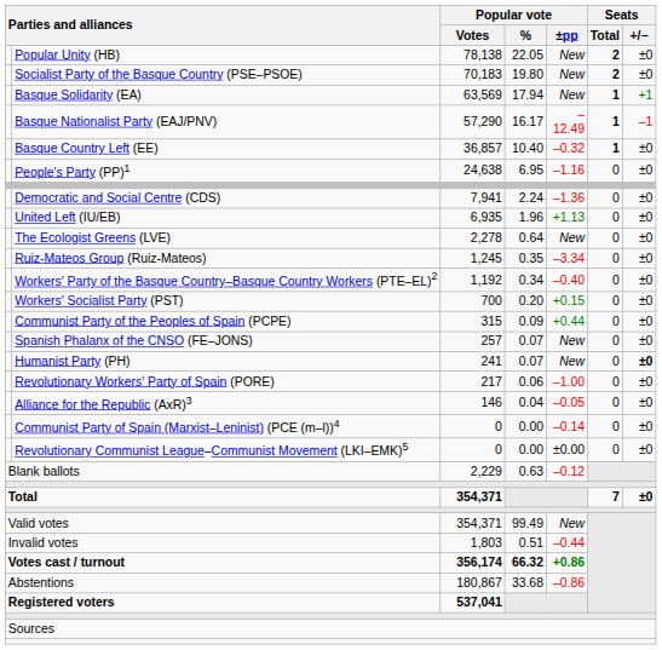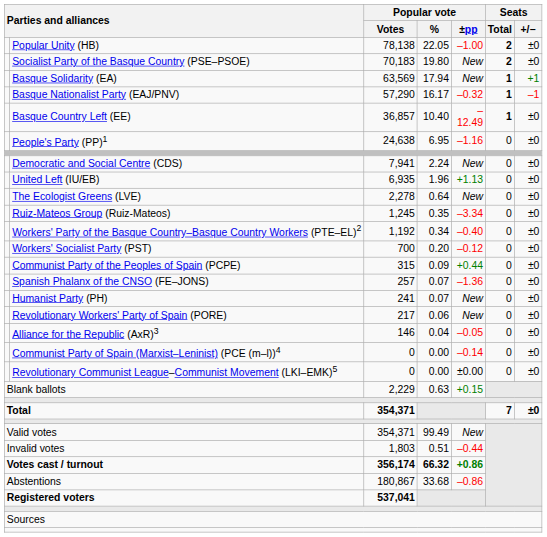 <table class="wikitable" style="text-align:right;">
 <tr>
 <th style="text-align:left;" rowspan="2" colspan="2" width="525">Parties and alliances</th>
 <th colspan="3">Popular vote</th>
 <th colspan="2">Seats</th>
 </tr>
 <tr>
 <th width="75">Votes</th>
 <th width="45">%</th>
 <th width="45">±<a href='#'>pp</a></th>
 <th width="35">Total</th>
 <th width="35">+/−</th>
 </tr>
 <tr>
 <td width="1" style="color:inherit;background:"></td>
 <td align="left"><a href='#'>Popular Unity</a> (HB)</td>
 <td>78,138</td>
 <td>22.05</td>
-<td><em>New</em></td>
+<td style="color:red;">–1.00</td>
 <td><strong>2</strong></td>
 <td>±0</td>
 </tr>
 <tr>
 <td style="color:inherit;background:"></td>
 <td align="left"><a href='#'>Socialist Party of the Basque Country</a> (PSE–PSOE)</td>
 <td>70,183</td>
 <td>19.80</td>
 <td><em>New</em></td>
 <td><strong>2</strong></td>
 <td>±0</td>
 </tr>
 <tr>
 <td style="color:inherit;background:"></td>
 <td align="left"><a href='#'>Basque Solidarity</a> (EA)</td>
 <td>63,569</td>
 <td>17.94</td>
 <td><em>New</em></td>
 <td><strong>1</strong></td>
 <td style="color:green;">+1</td>
 </tr>
 <tr>
 <td style="color:inherit;background:"></td>
 <td align="left"><a href='#'>Basque Nationalist Party</a> (EAJ/PNV)</td>
 <td>57,290</td>
 <td>16.17</td>
-<td style="color:red;">–12.49</td>
+<td style="color:red;">–0.32</td>
 <td><strong>1</strong></td>
 <td style="color:red;">–1</td>
 </tr>
 <tr>
 <td style="color:inherit;background:"></td>
 <td align="left"><a href='#'>Basque Country Left</a> (EE)</td>
 <td>36,857</td>
 <td>10.40</td>
-<td style="color:red;">–0.32</td>
+<td style="color:red;">–12.49</td>
 <td><strong>1</strong></td>
 <td>±0</td>
 </tr>
 <tr>
 <td style="color:inherit;background:"></td>
 <td align="left"><a href='#'>People's Party</a> (PP)<sup>1</sup></td>
 <td>24,638</td>
 <td>6.95</td>
 <td style="color:red;">–1.16</td>
 <td>0</td>
 <td>±0</td>
 </tr>
 <tr>
 <td colspan="7" bgcolor="#C0C0C0"></td>
 </tr>
 <tr>
 <td style="color:inherit;background:"></td>
 <td align="left"><a href='#'>Democratic and Social Centre</a> (CDS)</td>
 <td>7,941</td>
 <td>2.24</td>
-<td style="color:red;">–1.36</td>
+<td><em>New</em></td>
 <td>0</td>
 <td>±0</td>
 </tr>
 <tr>
 <td style="color:inherit;background:"></td>
 <td align="left"><a href='#'>United Left</a> (IU/EB)</td>
 <td>6,935</td>
 <td>1.96</td>
 <td style="color:green;">+1.13</td>
 <td>0</td>
 <td>±0</td>
 </tr>
 <tr>
 <td style="color:inherit;background:"></td>
 <td align="left"><a href='#'>The Ecologist Greens</a> (LVE)</td>
 <td>2,278</td>
 <td>0.64</td>
 <td><em>New</em></td>
 <td>0</td>
 <td>±0</td>
 </tr>
 <tr>
 <td style="color:inherit;background:"></td>
 <td align="left"><a href='#'>Ruiz-Mateos Group</a> (Ruiz-Mateos)</td>
 <td>1,245</td>
 <td>0.35</td>
 <td style="color:red;">–3.34</td>
 <td>0</td>
 <td>±0</td>
 </tr>
 <tr>
 <td style="color:inherit;background:"></td>
 <td align="left"><a href='#'>Workers' Party of the Basque Country–Basque Country Workers</a> (PTE–EL)<sup>2</sup></td>
 <td>1,192</td>
 <td>0.34</td>
 <td style="color:red;">–0.40</td>
 <td>0</td>
 <td>±0</td>
 </tr>
 <tr>
 <td style="color:inherit;background:"></td>
 <td align="left"><a href='#'>Workers' Socialist Party</a> (PST)</td>
 <td>700</td>
 <td>0.20</td>
-<td style="color:green;">+0.15</td>
+<td style="color:red;">–0.12</td>
 <td>0</td>
 <td>±0</td>
 </tr>
 <tr>
 <td style="color:inherit;background:"></td>
 <td align="left"><a href='#'>Communist Party of the Peoples of Spain</a> (PCPE)</td>
 <td>315</td>
 <td>0.09</td>
 <td style="color:green;">+0.44</td>
 <td>0</td>
 <td>±0</td>
 </tr>
 <tr>
 <td style="color:inherit;background:"></td>
 <td align="left"><a href='#'>Spanish Phalanx of the CNSO</a> (FE–JONS)</td>
 <td>257</td>
 <td>0.07</td>
-<td><em>New</em></td>
+<td style="color:red;">–1.36</td>
 <td>0</td>
 <td>±0</td>
 </tr>
 <tr>
 <td style="color:inherit;background:"></td>
 <td align="left"><a href='#'>Humanist Party</a> (PH)</td>
 <td>241</td>
 <td>0.07</td>
 <td><em>New</em></td>
 <td>0</td>
-<td><strong>±0</strong></td>
+<td>±0</td>
 </tr>
 <tr>
 <td style="color:inherit;background:"></td>
 <td align="left"><a href='#'>Revolutionary Workers' Party of Spain</a> (PORE)</td>
 <td>217</td>
 <td>0.06</td>
-<td style="color:red;">–1.00</td>
+<td><em>New</em></td>
 <td>0</td>
 <td>±0</td>
 </tr>
 <tr>
 <td style="color:inherit;background:"></td>
 <td align="left"><a href='#'>Alliance for the Republic</a> (AxR)<sup>3</sup></td>
 <td>146</td>
 <td>0.04</td>
 <td style="color:red;">–0.05</td>
 <td>0</td>
 <td>±0</td>
 </tr>
 <tr>
 <td style="color:inherit;background:"></td>
 <td align="left"><a href='#'>Communist Party of Spain (Marxist–Leninist)</a> (PCE (m–l))<sup>4</sup></td>
 <td>0</td>
 <td>0.00</td>
 <td style="color:red;">–0.14</td>
 <td>0</td>
 <td>±0</td>
 </tr>
 <tr>
 <td style="color:inherit;background:"></td>
 <td align="left"><a href='#'>Revolutionary Communist League</a>–<a href='#'>Communist Movement</a> (LKI–EMK)<sup>5</sup></td>
 <td>0</td>
 <td>0.00</td>
 <td>±0.00</td>
 <td>0</td>
 <td>±0</td>
 </tr>
 <tr>
 <td align="left" colspan="2">Blank ballots</td>
 <td>2,229</td>
 <td>0.63</td>
-<td style="color:red;">–0.12</td>
+<td style="color:green;">+0.15</td>
 <td bgcolor="#E9E9E9" colspan="2"></td>
 </tr>
 <tr>
 <td colspan="7" bgcolor="#E9E9E9"></td>
 </tr>
 <tr style="font-weight:bold;">
 <td align="left" colspan="2">Total</td>
 <td>354,371</td>
 <td bgcolor="#E9E9E9" colspan="2"></td>
 <td>7</td>
 <td>±0</td>
 </tr>
 <tr>
 <td colspan="7" bgcolor="#E9E9E9"></td>
 </tr>
 <tr>
 <td align="left" colspan="2">Valid votes</td>
 <td>354,371</td>
 <td>99.49</td>
 <td><em>New</em></td>
 <td bgcolor="#E9E9E9" colspan="2" rowspan="5"></td>
 </tr>
 <tr>
 <td align="left" colspan="2">Invalid votes</td>
 <td>1,803</td>
 <td>0.51</td>
 <td style="color:red;">–0.44</td>
 </tr>
 <tr style="font-weight:bold;">
 <td align="left" colspan="2">Votes cast / turnout</td>
 <td>356,174</td>
 <td>66.32</td>
 <td style="color:green;">+0.86</td>
 </tr>
 <tr>
 <td align="left" colspan="2">Abstentions</td>
 <td>180,867</td>
 <td>33.68</td>
 <td style="color:red;">–0.86</td>
 </tr>
 <tr style="font-weight:bold;">
 <td align="left" colspan="2">Registered voters</td>
 <td>537,041</td>
 <td bgcolor="#E9E9E9" colspan="2"></td>
 </tr>
 <tr>
 <td colspan="7" bgcolor="#E9E9E9"></td>
 </tr>
 <tr>
 <td align="left" colspan="7">Sources</td>
 </tr>
 <tr>
 <td colspan="7" style="text-align:left; max-width:790px;"></td>
 </tr>
 </table>
